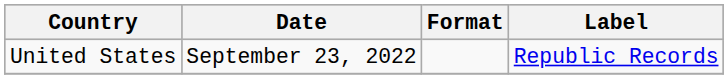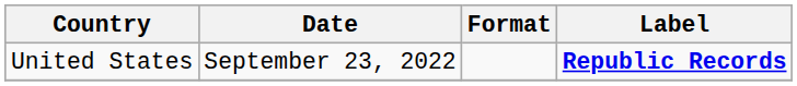 <table class="wikitable">
 <tr>
 <th>Country</th>
 <th>Date</th>
 <th>Format</th>
 <th>Label</th>
 </tr>
 <tr>
 <td>United States</td>
 <td>September 23, 2022</td>
 <td></td>
-<td><a href='#'>Republic Records</a></td>
+<td><strong><a href='#'>Republic Records</a></strong></td>
 </tr>
 <tr>
 </tr>
 </table>
